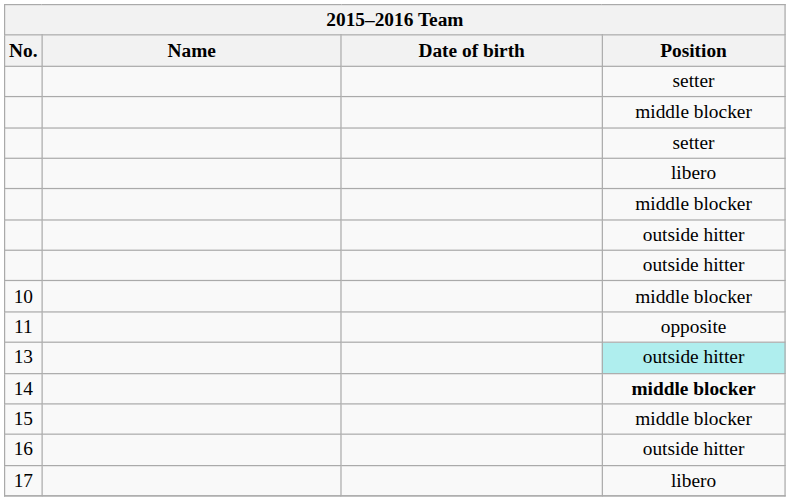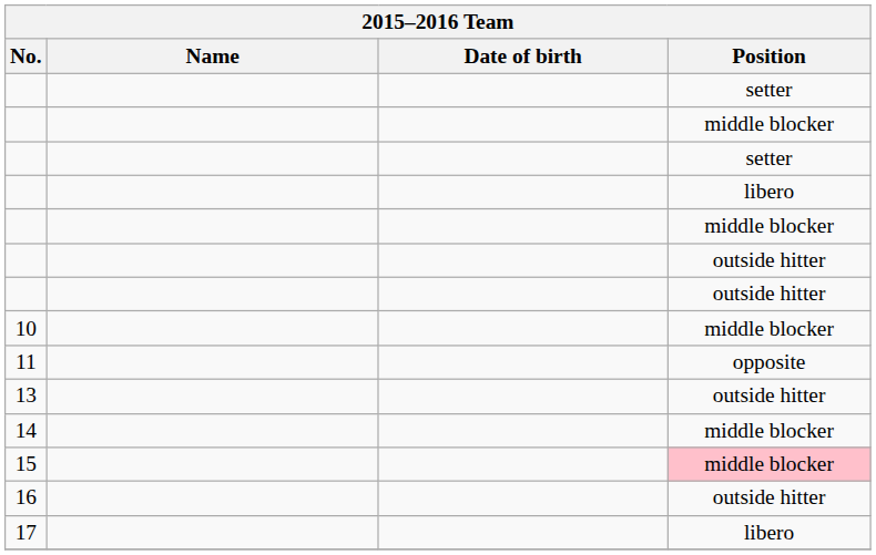 <table class="wikitable collapsible collapsed" style="font-size:100%; text-align:center;">
 <tr>
 <th colspan=6><strong>2015–2016 Team</strong></th>
 </tr>
 <tr>
 <th>No.</th>
 <th style="width:15em">Name</th>
 <th style="width:13em">Date of birth</th>
 <th style="width:9em">Position</th>
 </tr>
 <tr>
 <td></td>
 <td align=left> </td>
 <td align=right></td>
 <td>setter</td>
 </tr>
 <tr>
 <td></td>
 <td align=left> </td>
 <td align=right></td>
 <td>middle blocker</td>
 </tr>
 <tr>
 <td></td>
 <td align=left> </td>
 <td align=right></td>
 <td>setter</td>
 </tr>
 <tr>
 <td></td>
 <td align=left> </td>
 <td align=right></td>
 <td>libero</td>
 </tr>
 <tr>
 <td></td>
 <td align=left> </td>
 <td align=right></td>
 <td>middle blocker</td>
 </tr>
 <tr>
 <td></td>
 <td align=left> </td>
 <td align=right></td>
 <td>outside hitter</td>
 </tr>
 <tr>
 <td></td>
 <td align=left> </td>
 <td align=right></td>
 <td>outside hitter</td>
 </tr>
 <tr>
 <td>10</td>
 <td align=left> </td>
 <td align=right></td>
 <td>middle blocker</td>
 </tr>
 <tr>
 <td>11</td>
 <td align=left> </td>
 <td align=right></td>
 <td>opposite</td>
 </tr>
 <tr>
 <td>13</td>
 <td align=left> </td>
 <td align=right></td>
-<td style="background: paleturquoise;">outside hitter</td>
+<td>outside hitter</td>
 </tr>
 <tr>
 <td>14</td>
 <td align=left> </td>
 <td align=right></td>
-<td><strong>middle blocker</strong></td>
+<td>middle blocker</td>
 </tr>
 <tr>
 <td>15</td>
 <td align=left> </td>
 <td align=right></td>
-<td>middle blocker</td>
+<td style="background: pink;">middle blocker</td>
 </tr>
 <tr>
 <td>16</td>
 <td align=left> </td>
 <td align=right></td>
 <td>outside hitter</td>
 </tr>
 <tr>
 <td>17</td>
 <td align=left> </td>
 <td align=right></td>
 <td>libero</td>
 </tr>
 <tr>
 </tr>
 </table>
